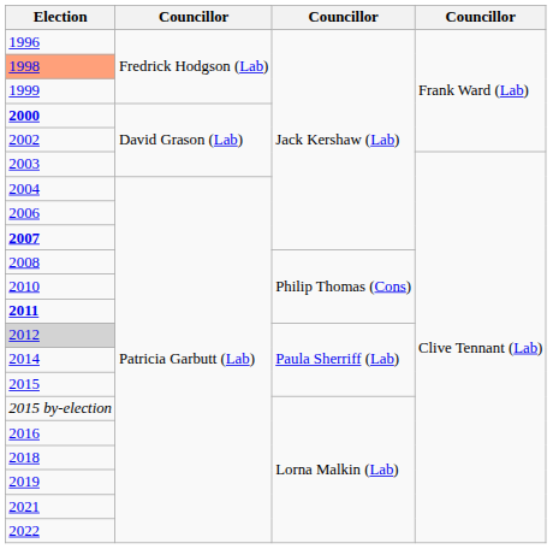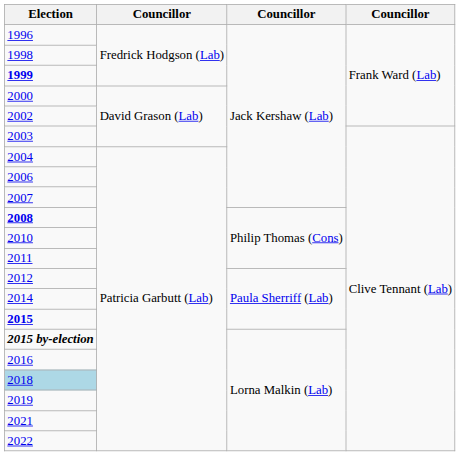 <table class="wikitable">
 <tr>
 <th>Election</th>
 <th>Councillor</th>
 <th>Councillor</th>
 <th>Councillor</th>
 </tr>
 <tr>
 <td><a href='#'>1996</a></td>
 <td rowspan="3">Fredrick Hodgson (<a href='#'>Lab</a>)</td>
 <td rowspan="9">Jack Kershaw (<a href='#'>Lab</a>)</td>
 <td rowspan="5">Frank Ward (<a href='#'>Lab</a>)</td>
 </tr>
 <tr>
-<td style="background: lightsalmon;"><a href='#'>1998</a></td>
+<td><a href='#'>1998</a></td>
 </tr>
 <tr>
-<td><a href='#'>1999</a></td>
+<td><strong><a href='#'>1999</a></strong></td>
 </tr>
 <tr>
-<td><strong><a href='#'>2000</a></strong></td>
+<td><a href='#'>2000</a></td>
 <td rowspan="3">David Grason (<a href='#'>Lab</a>)</td>
 </tr>
 <tr>
 <td><a href='#'>2002</a></td>
 </tr>
 <tr>
 <td><a href='#'>2003</a></td>
 <td rowspan="16">Clive Tennant (<a href='#'>Lab</a>)</td>
 </tr>
 <tr>
 <td><a href='#'>2004</a></td>
 <td rowspan="15">Patricia Garbutt (<a href='#'>Lab</a>)</td>
 </tr>
 <tr>
 <td><a href='#'>2006</a></td>
 </tr>
 <tr>
-<td><strong><a href='#'>2007</a></strong></td>
+<td><a href='#'>2007</a></td>
 </tr>
 <tr>
-<td><a href='#'>2008</a></td>
+<td><strong><a href='#'>2008</a></strong></td>
 <td rowspan="3">Philip Thomas (<a href='#'>Cons</a>)</td>
 </tr>
 <tr>
 <td><a href='#'>2010</a></td>
 </tr>
 <tr>
-<td><strong><a href='#'>2011</a></strong></td>
+<td><a href='#'>2011</a></td>
 </tr>
 <tr>
-<td style="background: lightgrey;"><a href='#'>2012</a></td>
+<td><a href='#'>2012</a></td>
 <td rowspan="3"><a href='#'>Paula Sherriff</a> (<a href='#'>Lab</a>)</td>
 </tr>
 <tr>
 <td><a href='#'>2014</a></td>
 </tr>
 <tr>
-<td><a href='#'>2015</a></td>
+<td><strong><a href='#'>2015</a></strong></td>
 </tr>
 <tr>
-<td><em>2015 by-election</em></td>
+<td><strong><em>2015 by-election</em></strong></td>
 <td rowspan="6">Lorna Malkin (<a href='#'>Lab</a>)</td>
 </tr>
 <tr>
 <td><a href='#'>2016</a></td>
 </tr>
 <tr>
-<td><a href='#'>2018</a></td>
+<td style="background: lightblue;"><a href='#'>2018</a></td>
 </tr>
 <tr>
 <td><a href='#'>2019</a></td>
 </tr>
 <tr>
 <td><a href='#'>2021</a></td>
 </tr>
 <tr>
 <td><a href='#'>2022</a></td>
 </tr>
 </table>
